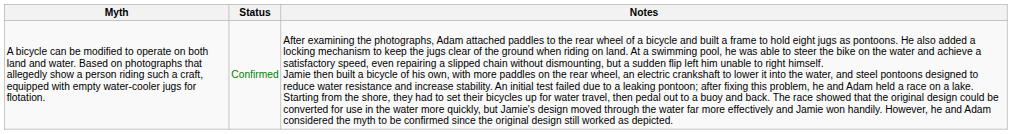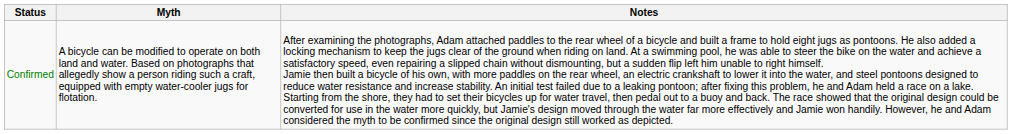 <table class="wikitable plainrowheaders">
 <tr>
+<th scope"col">Status</th>
 <th scope"col">Myth</th>
-<th scope"col">Status</th>
 <th scope"col">Notes</th>
 </tr>
 <tr>
+<td style="color:green">Confirmed</td>
 <td>A bicycle can be modified to operate on both land and water. Based on photographs that allegedly show a person riding such a craft, equipped with empty water-cooler jugs for flotation.</td>
-<td style="color:green">Confirmed</td>
 <td><br>After examining the photographs, Adam attached paddles to the rear wheel of a bicycle and built a frame to hold eight jugs as pontoons. He also added a locking mechanism to keep the jugs clear of the ground when riding on land. At a swimming pool, he was able to steer the bike on the water and achieve a satisfactory speed, even repairing a slipped chain without dismounting, but a sudden flip left him unable to right himself.<br>Jamie then built a bicycle of his own, with more paddles on the rear wheel, an electric crankshaft to lower it into the water, and steel pontoons designed to reduce water resistance and increase stability. An initial test failed due to a leaking pontoon; after fixing this problem, he and Adam held a race on a lake. Starting from the shore, they had to set their bicycles up for water travel, then pedal out to a buoy and back. The race showed that the original design could be converted for use in the water more quickly, but Jamie's design moved through the water far more effectively and Jamie won handily. However, he and Adam considered the myth to be confirmed since the original design still worked as depicted.</td>
 </tr>
 </table>
